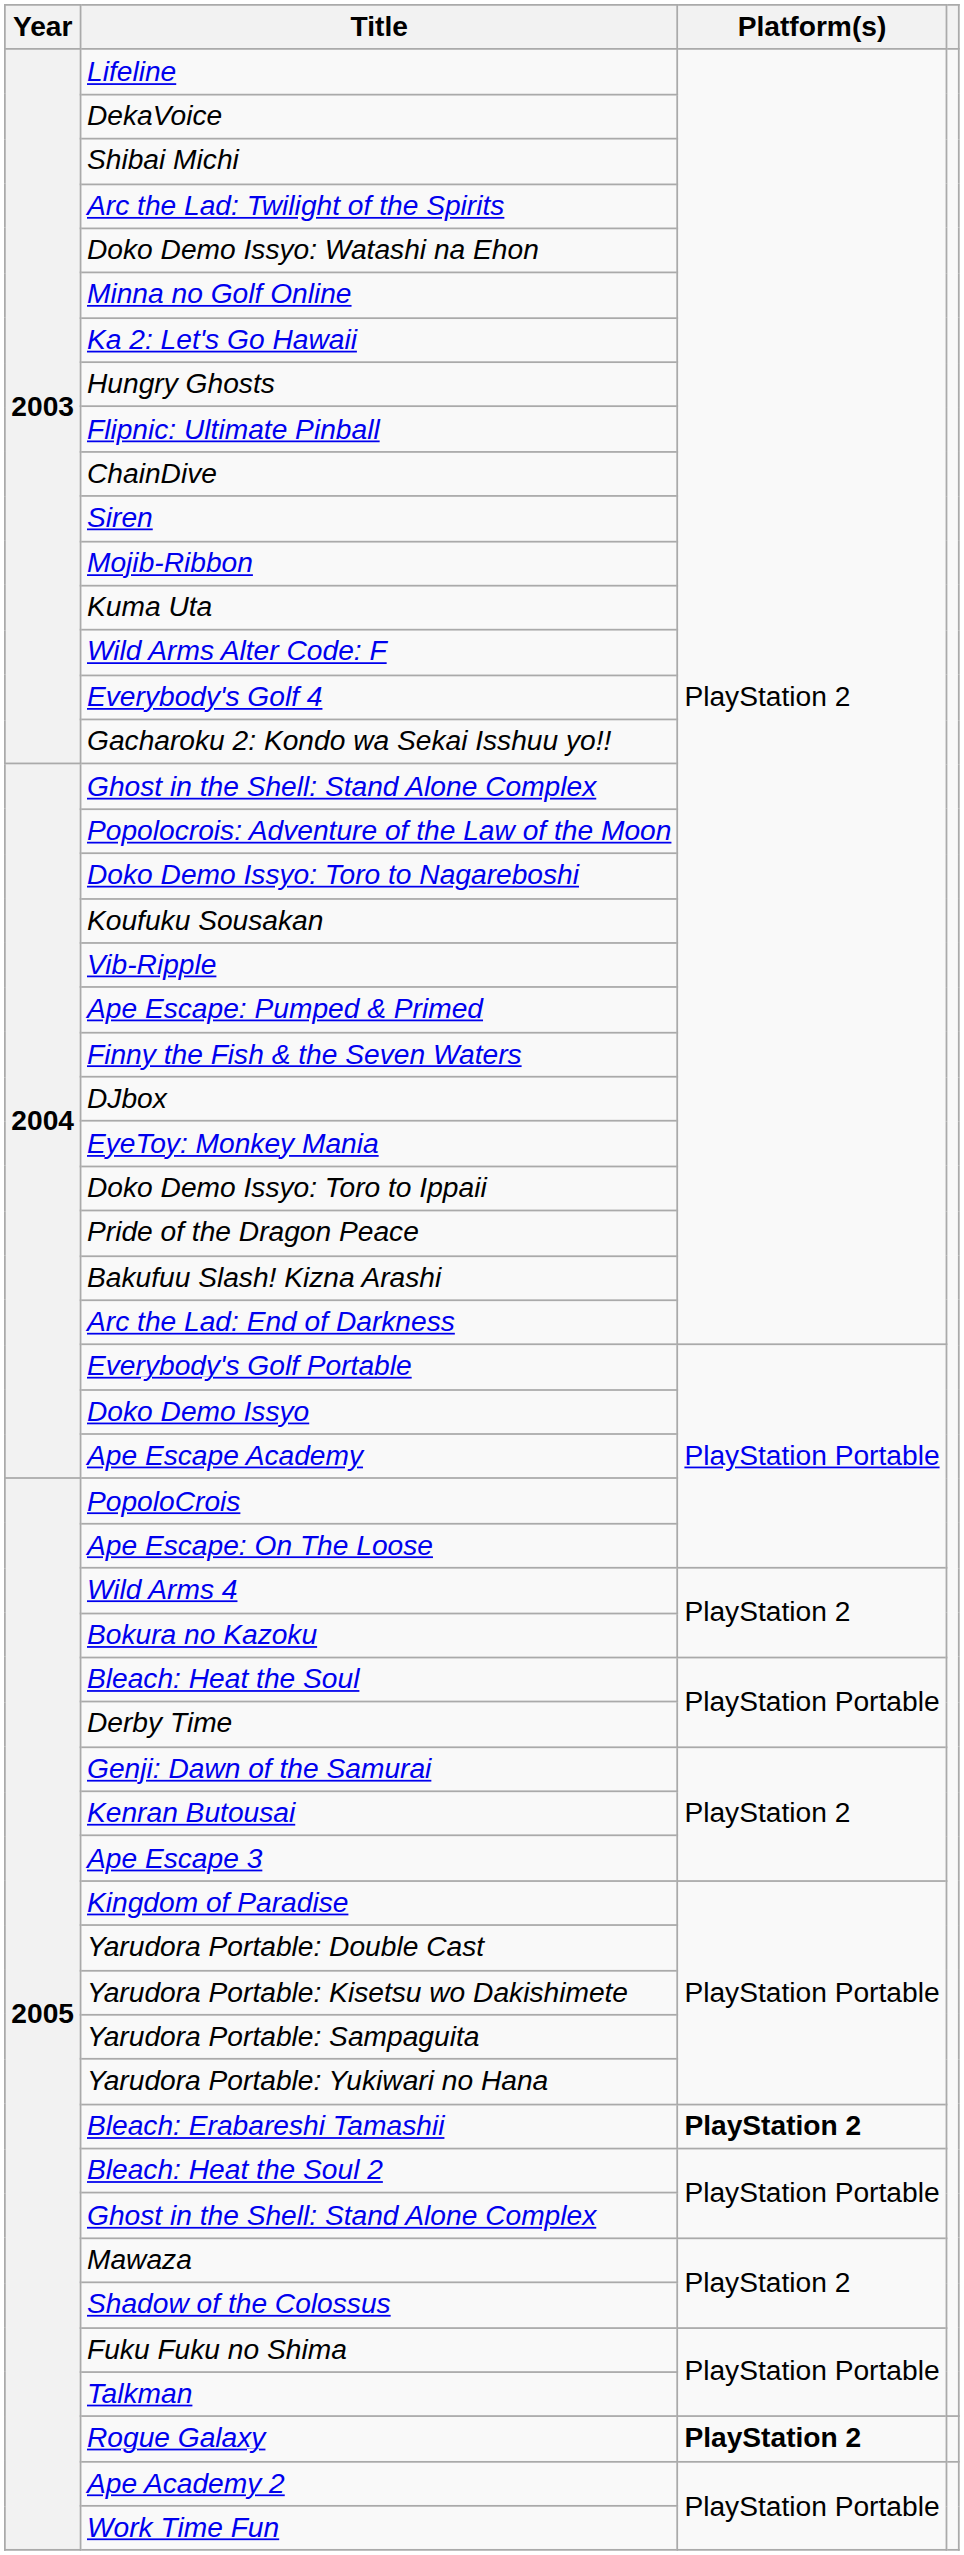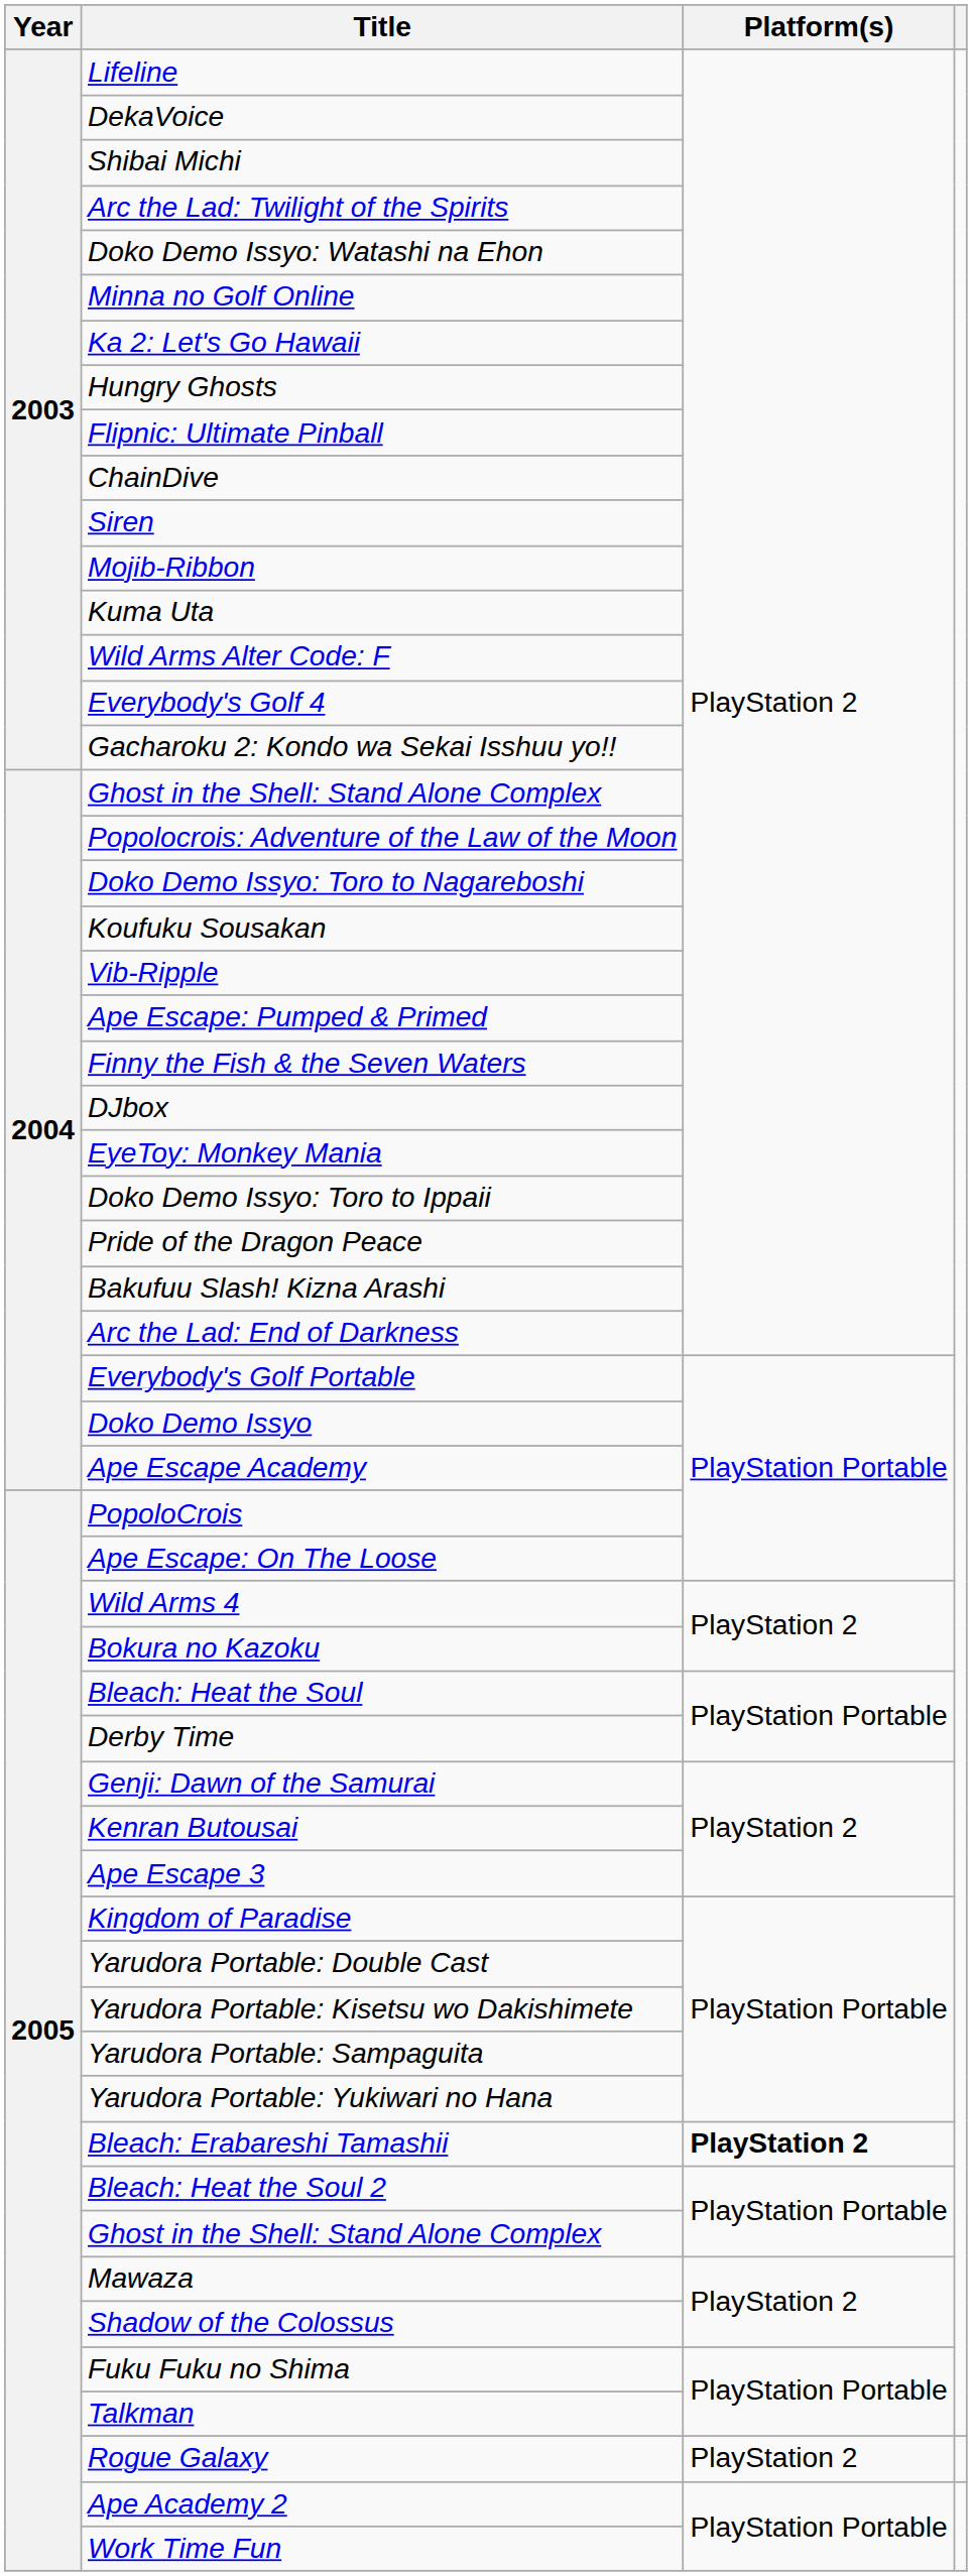 <table class="wikitable sortable plainrowheaders">
 <tr>
 <th scope="col">Year</th>
 <th scope="col">Title</th>
 <th scope="col">Platform(s)</th>
 <th scope="col"></th>
 </tr>
 <tr>
 <th rowspan="16" scope="row">2003</th>
 <td><em><a href='#'>Lifeline</a></em></td>
 <td rowspan="29">PlayStation 2</td>
 <td rowspan="53"></td>
 </tr>
 <tr>
 <td><em>DekaVoice</em></td>
 </tr>
 <tr>
 <td><em>Shibai Michi</em></td>
 </tr>
 <tr>
 <td><em><a href='#'>Arc the Lad: Twilight of the Spirits</a></em></td>
 </tr>
 <tr>
 <td><em>Doko Demo Issyo: Watashi na Ehon</em></td>
 </tr>
 <tr>
 <td><em><a href='#'>Minna no Golf Online</a></em></td>
 </tr>
 <tr>
 <td><em><a href='#'>Ka 2: Let's Go Hawaii</a></em></td>
 </tr>
 <tr>
 <td><em>Hungry Ghosts</em></td>
 </tr>
 <tr>
 <td><em><a href='#'>Flipnic: Ultimate Pinball</a></em></td>
 </tr>
 <tr>
 <td><em>ChainDive</em></td>
 </tr>
 <tr>
 <td><em><a href='#'>Siren</a></em></td>
 </tr>
 <tr>
 <td><em><a href='#'>Mojib-Ribbon</a></em></td>
 </tr>
 <tr>
 <td><em>Kuma Uta</em></td>
 </tr>
 <tr>
 <td><em><a href='#'>Wild Arms Alter Code: F</a></em></td>
 </tr>
 <tr>
 <td><em><a href='#'>Everybody's Golf 4</a></em></td>
 </tr>
 <tr>
 <td><em>Gacharoku 2: Kondo wa Sekai Isshuu yo!!</em></td>
 </tr>
 <tr>
 <th scope="row" rowspan="16">2004</th>
 <td><em><a href='#'>Ghost in the Shell: Stand Alone Complex</a></em></td>
 </tr>
 <tr>
 <td><em><a href='#'>Popolocrois: Adventure of the Law of the Moon</a></em></td>
 </tr>
 <tr>
 <td><em><a href='#'>Doko Demo Issyo: Toro to Nagareboshi</a></em></td>
 </tr>
 <tr>
 <td><em>Koufuku Sousakan</em></td>
 </tr>
 <tr>
 <td><em><a href='#'>Vib-Ripple</a></em></td>
 </tr>
 <tr>
 <td><em><a href='#'>Ape Escape: Pumped & Primed</a></em></td>
 </tr>
 <tr>
 <td><em><a href='#'>Finny the Fish & the Seven Waters</a></em></td>
 </tr>
 <tr>
 <td><em>DJbox</em></td>
 </tr>
 <tr>
 <td><em><a href='#'>EyeToy: Monkey Mania</a></em></td>
 </tr>
 <tr>
 <td><em>Doko Demo Issyo: Toro to Ippaii</em></td>
 </tr>
 <tr>
 <td><em>Pride of the Dragon Peace</em></td>
 </tr>
 <tr>
 <td><em>Bakufuu Slash! Kizna Arashi</em></td>
 </tr>
 <tr>
 <td><em><a href='#'>Arc the Lad: End of Darkness</a></em></td>
 </tr>
 <tr>
 <td><em><a href='#'>Everybody's Golf Portable</a></em></td>
 <td rowspan="5"><a href='#'>PlayStation Portable</a></td>
 </tr>
 <tr>
 <td><em><a href='#'>Doko Demo Issyo</a></em></td>
 </tr>
 <tr>
 <td><em><a href='#'>Ape Escape Academy</a></em></td>
 </tr>
 <tr>
 <th scope="row" rowspan="24">2005</th>
 <td><em><a href='#'>PopoloCrois</a></em></td>
 </tr>
 <tr>
 <td><em><a href='#'>Ape Escape: On The Loose</a></em></td>
 </tr>
 <tr>
 <td><em><a href='#'>Wild Arms 4</a></em></td>
 <td rowspan="2">PlayStation 2</td>
 </tr>
 <tr>
 <td><em><a href='#'>Bokura no Kazoku</a></em></td>
 </tr>
 <tr>
 <td><em><a href='#'>Bleach: Heat the Soul</a></em></td>
 <td rowspan="2">PlayStation Portable</td>
 </tr>
 <tr>
 <td><em>Derby Time</em></td>
 </tr>
 <tr>
 <td><em><a href='#'>Genji: Dawn of the Samurai</a></em></td>
 <td rowspan="3">PlayStation 2</td>
 </tr>
 <tr>
 <td><em><a href='#'>Kenran Butousai</a></em></td>
 </tr>
 <tr>
 <td><em><a href='#'>Ape Escape 3</a></em></td>
 </tr>
 <tr>
 <td><em><a href='#'>Kingdom of Paradise</a></em></td>
 <td rowspan="5">PlayStation Portable</td>
 </tr>
 <tr>
 <td><em>Yarudora Portable: Double Cast</em></td>
 </tr>
 <tr>
 <td><em>Yarudora Portable: Kisetsu wo Dakishimete</em></td>
 </tr>
 <tr>
 <td><em>Yarudora Portable: Sampaguita</em></td>
 </tr>
 <tr>
 <td><em>Yarudora Portable: Yukiwari no Hana</em></td>
 </tr>
 <tr>
 <td><em><a href='#'>Bleach: Erabareshi Tamashii</a></em></td>
 <td><strong>PlayStation 2</strong></td>
 </tr>
 <tr>
 <td><em><a href='#'>Bleach: Heat the Soul 2</a></em></td>
 <td rowspan="2">PlayStation Portable</td>
 </tr>
 <tr>
 <td><em><a href='#'>Ghost in the Shell: Stand Alone Complex</a></em></td>
 </tr>
 <tr>
 <td><em>Mawaza</em></td>
 <td rowspan="2">PlayStation 2</td>
 </tr>
 <tr>
 <td><em><a href='#'>Shadow of the Colossus</a></em></td>
 </tr>
 <tr>
 <td><em>Fuku Fuku no Shima</em></td>
 <td rowspan="2">PlayStation Portable</td>
 </tr>
 <tr>
 <td><em><a href='#'>Talkman</a></em></td>
 </tr>
 <tr>
 <td><em><a href='#'>Rogue Galaxy</a></em></td>
-<td><strong>PlayStation 2</strong></td>
+<td>PlayStation 2</td>
 <td></td>
 </tr>
 <tr>
 <td><em><a href='#'>Ape Academy 2</a></em></td>
 <td rowspan="2">PlayStation Portable</td>
 <td rowspan="2"></td>
 </tr>
 <tr>
 <td><em><a href='#'>Work Time Fun</a></em></td>
 </tr>
 </table>
